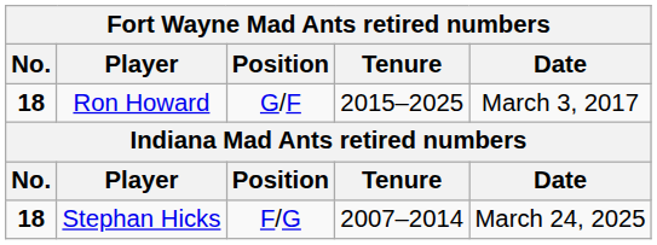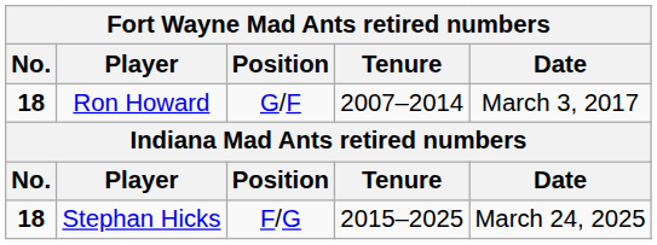 <table class="wikitable sortable" style="text-align:center">
 <tr>
 <th colspan="5">Fort Wayne Mad Ants retired numbers</th>
 </tr>
 <tr>
 <th>No.</th>
 <th>Player</th>
 <th>Position</th>
 <th>Tenure</th>
 <th>Date</th>
 </tr>
 <tr>
 <td><strong>18</strong></td>
 <td><a href='#'>Ron Howard</a></td>
 <td><a href='#'>G</a>/<a href='#'>F</a></td>
-<td>2015–2025</td>
+<td>2007–2014</td>
 <td>March 3, 2017</td>
 </tr>
 <tr>
 <th colspan="5">Indiana Mad Ants retired numbers</th>
 </tr>
 <tr>
 <th>No.</th>
 <th>Player</th>
 <th>Position</th>
 <th>Tenure</th>
 <th>Date</th>
 </tr>
 <tr>
 <td><strong>18</strong></td>
 <td><a href='#'>Stephan Hicks</a></td>
 <td><a href='#'>F</a>/<a href='#'>G</a></td>
-<td>2007–2014</td>
+<td>2015–2025</td>
 <td>March 24, 2025</td>
 </tr>
 </table>
